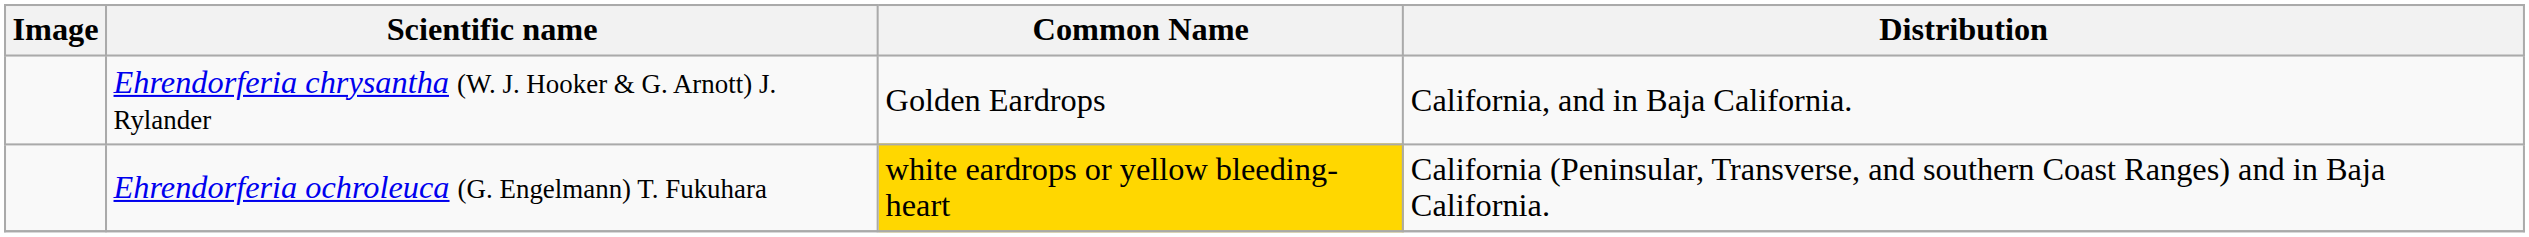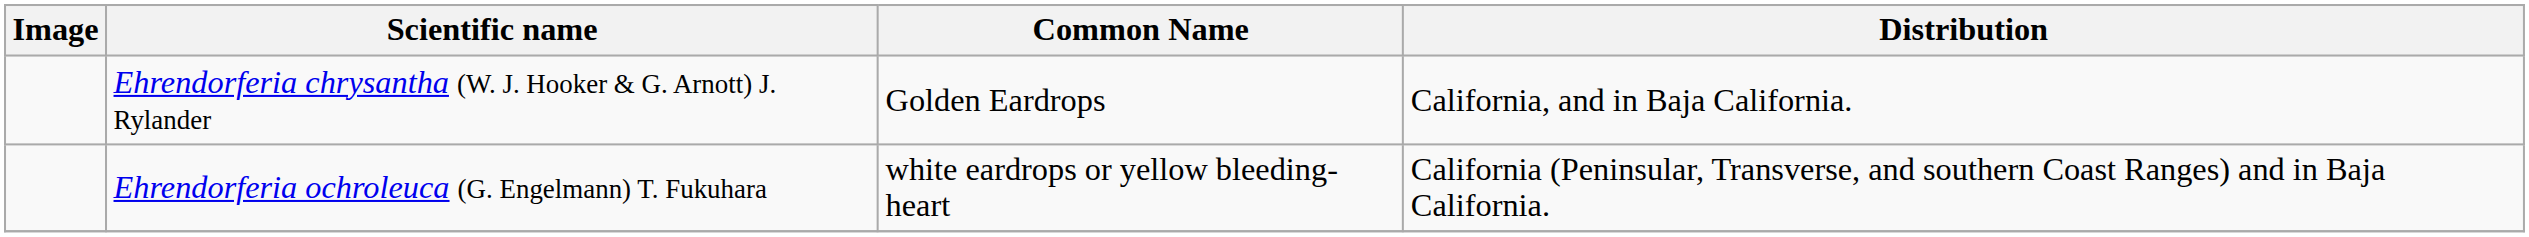 <table class="wikitable">
 <tr>
 <th>Image</th>
 <th>Scientific name</th>
 <th>Common Name</th>
 <th>Distribution</th>
 </tr>
 <tr>
 <td></td>
 <td><em><a href='#'>Ehrendorferia chrysantha</a></em> <small>(W. J. Hooker & G. Arnott) J. Rylander</small></td>
 <td>Golden Eardrops</td>
 <td>California, and in Baja California.</td>
 </tr>
 <tr>
 <td></td>
 <td><em><a href='#'>Ehrendorferia ochroleuca</a></em> <small>(G. Engelmann) T. Fukuhara</small></td>
-<td style="background: gold;">white eardrops or yellow bleeding-heart</td>
+<td>white eardrops or yellow bleeding-heart</td>
 <td>California (Peninsular, Transverse, and southern Coast Ranges) and in Baja California.</td>
 </tr>
 <tr>
 </tr>
 </table>
